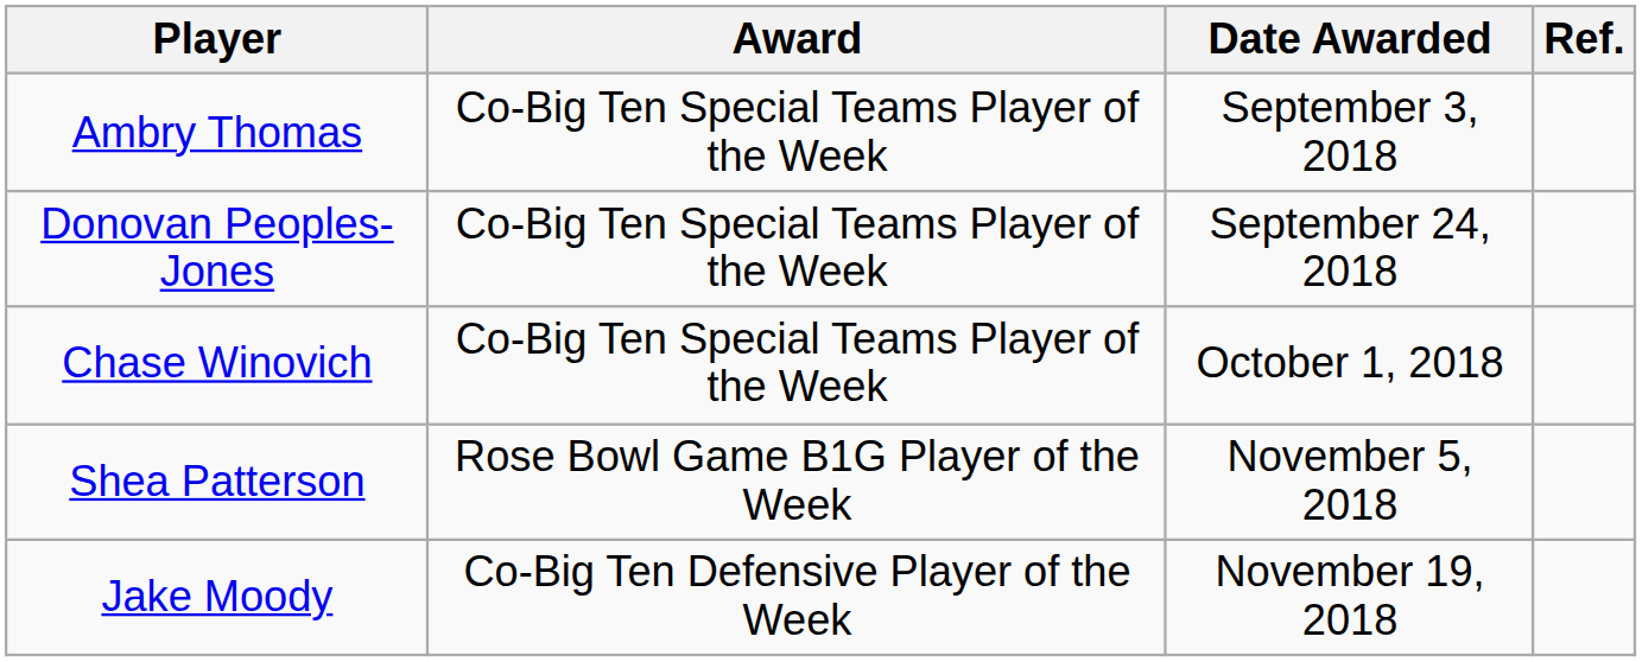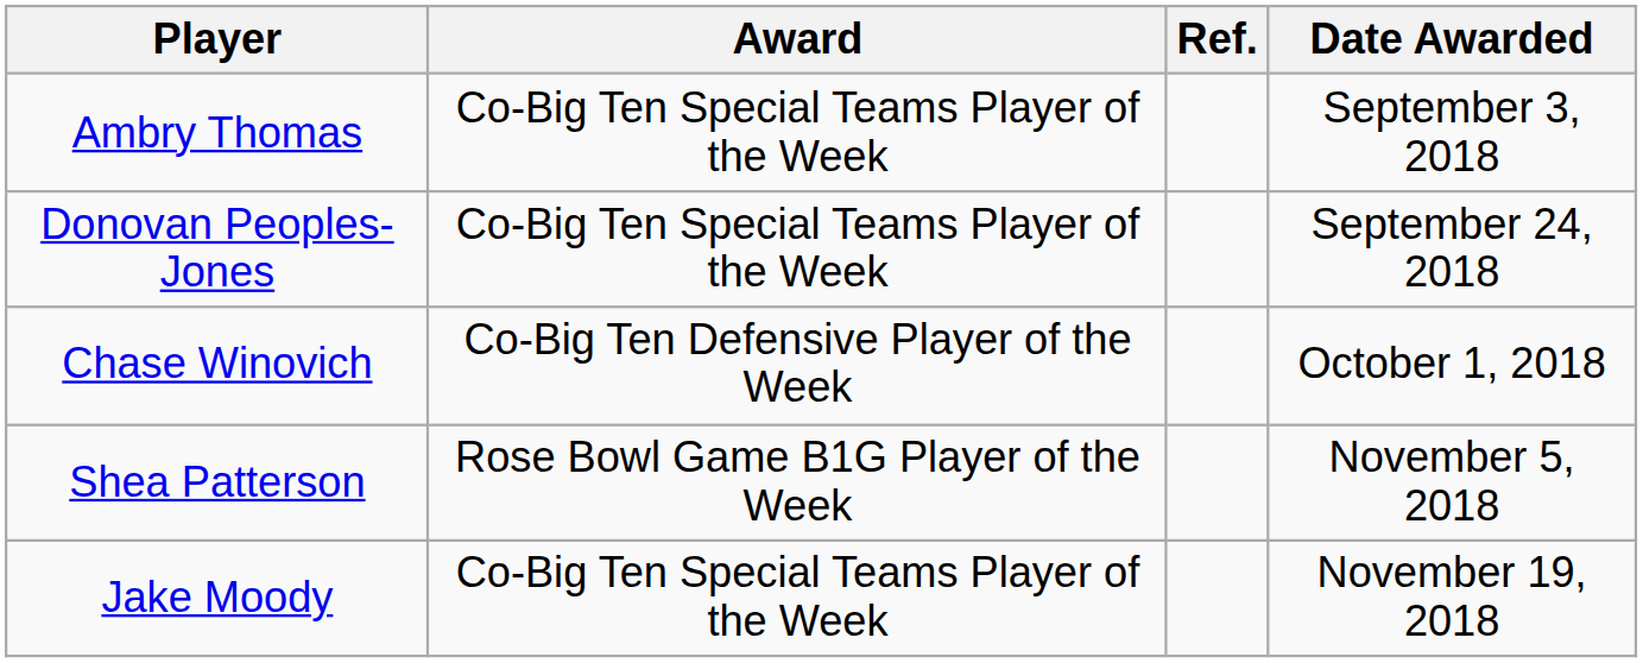 <table class="wikitable sortable sortable" style="text-align: center">
 <tr align=center>
 <th>Player</th>
 <th>Award</th>
+<th>Ref.</th>
 <th>Date Awarded</th>
-<th>Ref.</th>
 </tr>
 <tr>
 <td><a href='#'>Ambry Thomas</a></td>
 <td>Co-Big Ten Special Teams Player of the Week</td>
+<td></td>
 <td>September 3, 2018</td>
-<td></td>
 </tr>
 <tr>
 <td><a href='#'>Donovan Peoples-Jones</a></td>
 <td>Co-Big Ten Special Teams Player of the Week</td>
+<td></td>
 <td>September 24, 2018</td>
-<td></td>
 </tr>
 <tr>
 <td><a href='#'>Chase Winovich</a></td>
-<td>Co-Big Ten Special Teams Player of the Week</td>
+<td>Co-Big Ten Defensive Player of the Week</td>
+<td></td>
 <td>October 1, 2018</td>
-<td></td>
 </tr>
 <tr>
 <td><a href='#'>Shea Patterson</a></td>
 <td>Rose Bowl Game B1G Player of the Week</td>
+<td></td>
 <td>November 5, 2018</td>
-<td></td>
 </tr>
 <tr>
 <td><a href='#'>Jake Moody</a></td>
-<td>Co-Big Ten Defensive Player of the Week</td>
+<td>Co-Big Ten Special Teams Player of the Week</td>
+<td></td>
 <td>November 19, 2018</td>
-<td></td>
 </tr>
 </table>
